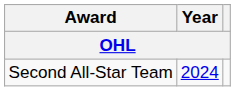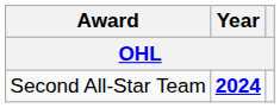 <table class="wikitable">
 <tr>
 <th>Award</th>
 <th>Year</th>
 <th></th>
 </tr>
 <tr>
 <th colspan="3"><a href='#'>OHL</a></th>
 </tr>
 <tr>
 <td>Second All-Star Team</td>
-<td><a href='#'>2024</a></td>
+<td><strong><a href='#'>2024</a></strong></td>
 <td></td>
 </tr>
 </table>
